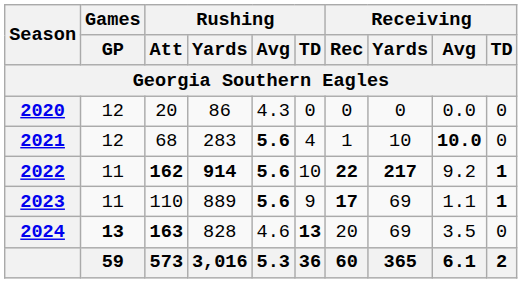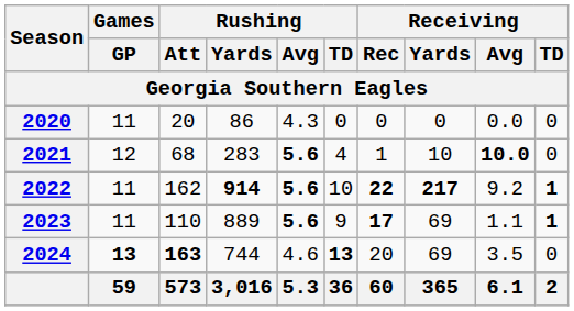 <table class="wikitable" style="text-align:center;">
 <tr>
 <th rowspan="2">Season</th>
 <th>Games</th>
 <th colspan="4">Rushing</th>
 <th colspan="4">Receiving</th>
 </tr>
 <tr>
 <th>GP</th>
 <th>Att</th>
 <th>Yards</th>
 <th>Avg</th>
 <th>TD</th>
 <th>Rec</th>
 <th>Yards</th>
 <th>Avg</th>
 <th>TD</th>
 </tr>
 <tr>
 <th colspan="14">Georgia Southern Eagles</th>
 </tr>
 <tr>
 <th><a href='#'>2020</a></th>
-<td>12</td>
+<td>11</td>
 <td>20</td>
 <td>86</td>
 <td>4.3</td>
 <td>0</td>
 <td>0</td>
 <td>0</td>
 <td>0.0</td>
 <td>0</td>
 </tr>
 <tr>
 <th><a href='#'>2021</a></th>
 <td>12</td>
 <td>68</td>
 <td>283</td>
 <td><strong>5.6</strong></td>
 <td>4</td>
 <td>1</td>
 <td>10</td>
 <td><strong>10.0</strong></td>
 <td>0</td>
 </tr>
 <tr>
 <th><a href='#'>2022</a></th>
 <td>11</td>
-<td><strong>162</strong></td>
+<td>162</td>
 <td><strong>914</strong></td>
 <td><strong>5.6</strong></td>
 <td>10</td>
 <td><strong>22</strong></td>
 <td><strong>217</strong></td>
 <td>9.2</td>
 <td><strong>1</strong></td>
 </tr>
 <tr>
 <th><a href='#'>2023</a></th>
 <td>11</td>
 <td>110</td>
 <td>889</td>
 <td><strong>5.6</strong></td>
 <td>9</td>
 <td><strong>17</strong></td>
 <td>69</td>
 <td>1.1</td>
 <td><strong>1</strong></td>
 </tr>
 <tr>
 <th><a href='#'>2024</a></th>
 <td><strong>13</strong></td>
 <td><strong>163</strong></td>
-<td>828</td>
+<td>744</td>
 <td>4.6</td>
 <td><strong>13</strong></td>
 <td>20</td>
 <td>69</td>
 <td>3.5</td>
 <td>0</td>
 </tr>
 <tr>
 <th></th>
 <th>59</th>
 <th>573</th>
 <th>3,016</th>
 <th>5.3</th>
 <th>36</th>
 <th>60</th>
 <th>365</th>
 <th>6.1</th>
 <th>2</th>
 </tr>
 </table>
